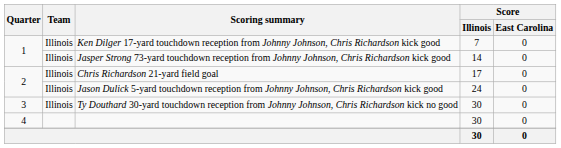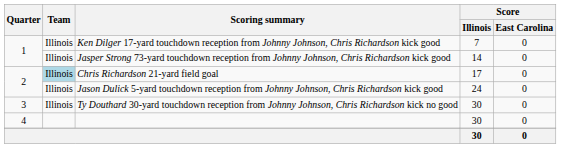 <table class="wikitable" style="text-align: center;">
 <tr>
 <th rowspan=2>Quarter</th>
 <th rowspan=2>Team</th>
 <th rowspan=2>Scoring summary</th>
 <th colspan=2>Score</th>
 </tr>
 <tr>
 <th>Illinois</th>
 <th>East Carolina</th>
 </tr>
 <tr>
 <td rowspan=2>1</td>
 <td>Illinois</td>
 <td align=left><em>Ken Dilger</em> 17-yard touchdown reception from <em>Johnny Johnson</em>, <em>Chris Richardson</em> kick good</td>
 <td>7</td>
 <td>0</td>
 </tr>
 <tr>
 <td>Illinois</td>
 <td align=left><em>Jasper Strong</em> 73-yard touchdown reception from <em>Johnny Johnson</em>, <em>Chris Richardson</em> kick good</td>
 <td>14</td>
 <td>0</td>
 </tr>
 <tr>
 <td rowspan=2>2</td>
-<td>Illinois</td>
+<td style="background: lightblue;">Illinois</td>
 <td align=left><em>Chris Richardson</em> 21-yard field goal</td>
 <td>17</td>
 <td>0</td>
 </tr>
 <tr>
 <td>Illinois</td>
 <td align=left><em>Jason Dulick</em> 5-yard touchdown reception from <em>Johnny Johnson</em>, <em>Chris Richardson</em> kick good</td>
 <td>24</td>
 <td>0</td>
 </tr>
 <tr>
 <td>3</td>
 <td>Illinois</td>
 <td align=left><em>Ty Douthard</em> 30-yard touchdown reception from <em>Johnny Johnson</em>, <em>Chris Richardson</em> kick no good</td>
 <td>30</td>
 <td>0</td>
 </tr>
 <tr>
 <td>4</td>
 <td></td>
 <td align=left></td>
 <td>30</td>
 <td>0</td>
 </tr>
 <tr>
 </tr>
 <tr>
 <th colspan=3></th>
 <th>30</th>
 <th>0</th>
 </tr>
 </table>
